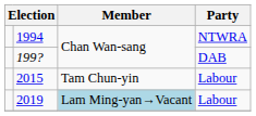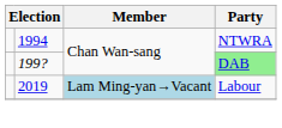 <table class="wikitable">
 <tr>
 <th colspan="2">Election</th>
 <th>Member</th>
 <th>Party</th>
 </tr>
 <tr>
 <td bgcolor=""></td>
 <td><a href='#'>1994</a></td>
 <td rowspan=2>Chan Wan-sang</td>
 <td><a href='#'>NTWRA</a></td>
 </tr>
 <tr>
 <td style="color:inherit;background:"></td>
 <td><em>199?</em></td>
-<td><a href='#'>DAB</a></td>
-</tr>
-<tr>
-<td style="color:inherit;background:"></td>
-<td><a href='#'>2015</a></td>
-<td>Tam Chun-yin</td>
-<td><a href='#'>Labour</a></td>
+<td style="background: lightgreen;"><a href='#'>DAB</a></td>
 </tr>
 <tr>
 <td style="color:inherit;background:"></td>
 <td><a href='#'>2019</a></td>
 <td style="background: lightblue;">Lam Ming-yan→Vacant</td>
 <td><a href='#'>Labour</a></td>
 </tr>
 <tr>
 </tr>
 </table>
